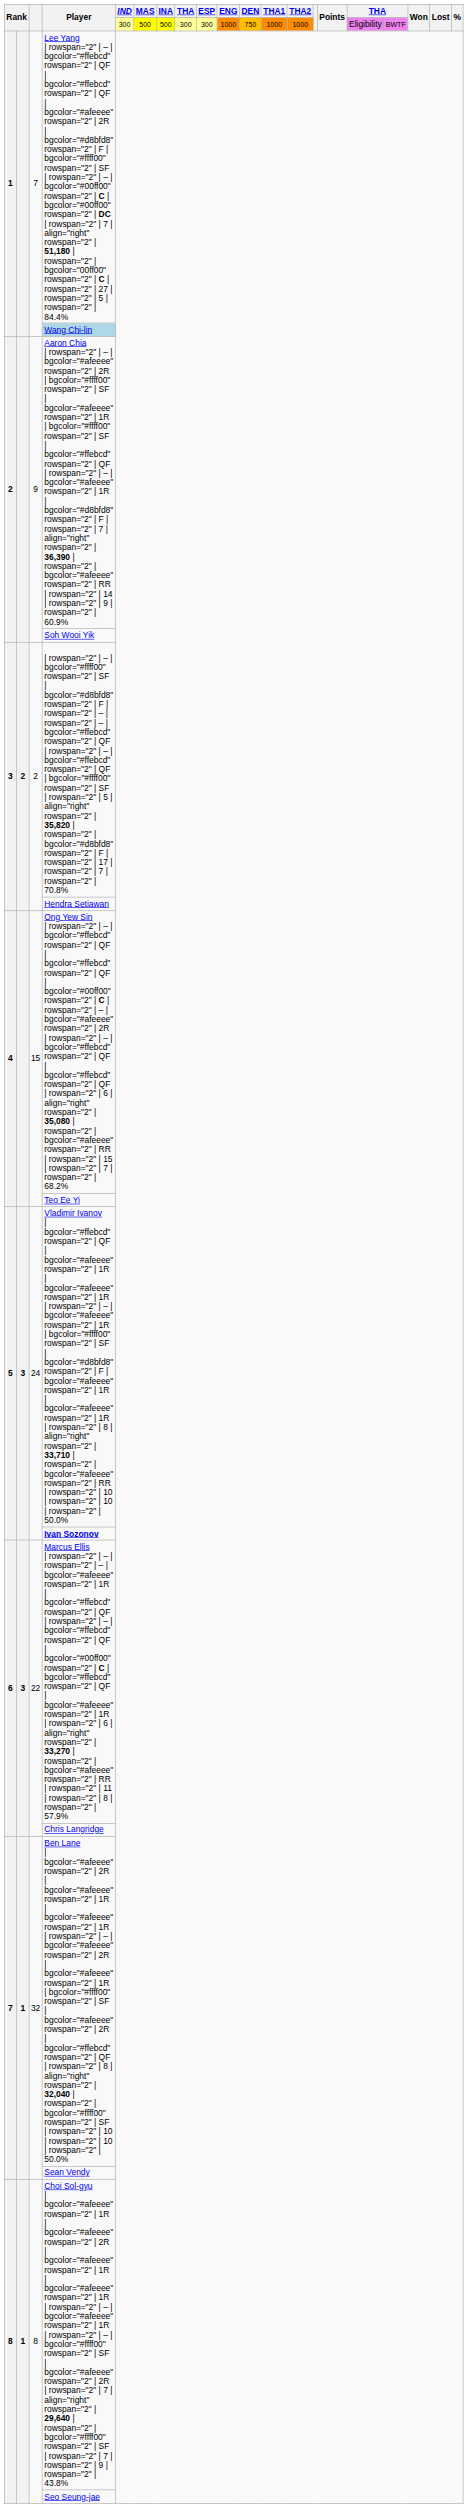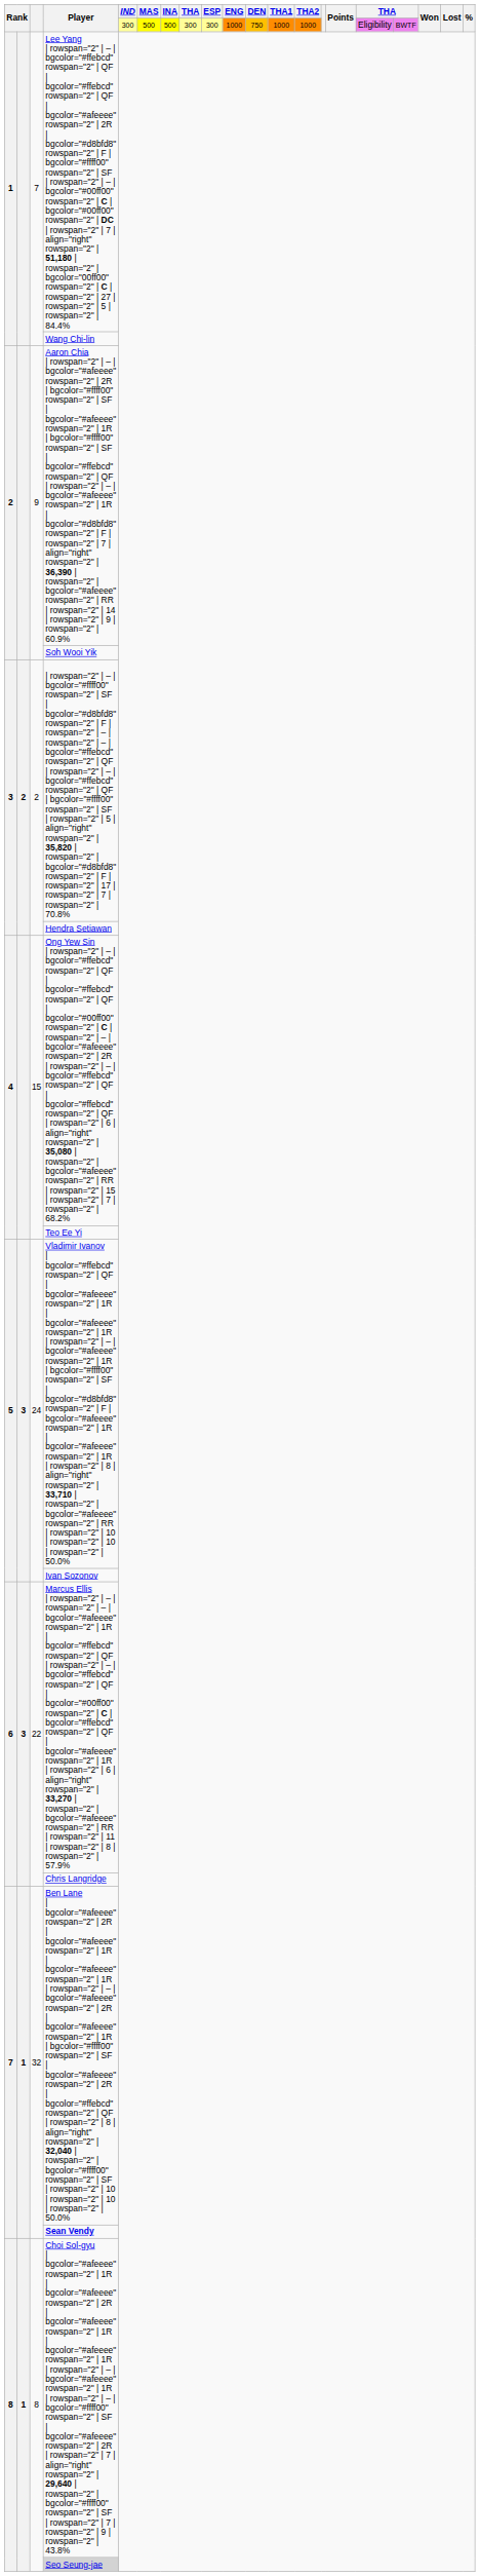 <table class="wikitable" style="font-size:85%; text-align:center">
 <tr>
 <th colspan="2" rowspan="2" width="50">Rank</th>
 <th rowspan="2" width="50"></th>
 <th rowspan="2" width="175">Player</th>
 <th><em><a href='#'>IND</a></em></th>
 <th><a href='#'>MAS</a></th>
 <th><a href='#'>INA</a></th>
 <th><a href='#'>THA</a></th>
 <th><a href='#'>ESP</a></th>
 <th><a href='#'>ENG</a></th>
 <th><a href='#'>DEN</a></th>
 <th><a href='#'>THA1</a></th>
 <th><a href='#'>THA2</a></th>
 <th rowspan="2" width="50"></th>
 <th rowspan="2" width="50">Points</th>
 <th colspan="2"><a href='#'>THA</a></th>
 <th rowspan="2" width="50">Won</th>
 <th rowspan="2" width="50">Lost</th>
 <th rowspan="2" width="50">%</th>
 </tr>
 <tr>
 <td bgcolor="#FFFF99"><small>300</small></td>
 <td bgcolor="#FFFF00"><small>500</small></td>
 <td bgcolor="#FFFF00"><small>500</small></td>
 <td bgcolor="#FFFF99"><small>300</small></td>
 <td bgcolor="#FFFF99"><small>300</small></td>
 <td bgcolor="#FF8C00"><small>1000</small></td>
 <td bgcolor="#FFBF00"><small>750</small></td>
 <td bgcolor="#FF8C00"><small>1000</small></td>
 <td bgcolor="#FF8C00"><small>1000</small></td>
 <td bgcolor="#EE82EE">Eligibility</td>
 <td bgcolor="#EE82EE"><small>BWTF</small></td>
 </tr>
 <tr>
 <th rowspan="2">1</th>
 <th rowspan="2"></th>
 <td rowspan="2">7</td>
 <td align="left"> <a href='#'>Lee Yang</a><br>| rowspan="2" | – | bgcolor="#ffebcd" rowspan="2" | QF | bgcolor="#ffebcd" rowspan="2" | QF | bgcolor="#afeeee" rowspan="2" | 2R | bgcolor="#d8bfd8" rowspan="2" | F | bgcolor="#ffff00" rowspan="2" | SF | rowspan="2" | – | bgcolor="#00ff00" rowspan="2" | <strong>C</strong> | bgcolor="#00ff00" rowspan="2" | <strong>DC</strong> | rowspan="2" | 7 | align="right" rowspan="2" | <strong>51,180</strong> | rowspan="2"  | bgcolor="00ff00" rowspan="2" | <strong>C</strong> | rowspan="2" | 27 | rowspan="2" | 5 | rowspan="2" | 84.4%</td>
 </tr>
 <tr>
-<td align="left" style="background: lightblue;"> <a href='#'>Wang Chi-lin</a></td>
+<td align="left"> <a href='#'>Wang Chi-lin</a></td>
 </tr>
 <tr>
 <th rowspan="2">2</th>
 <th rowspan="2"></th>
 <td rowspan="2">9</td>
 <td align="left"> <a href='#'>Aaron Chia</a><br>| rowspan="2" | – | bgcolor="#afeeee" rowspan="2" | 2R | bgcolor="#ffff00" rowspan="2" | SF | bgcolor="#afeeee" rowspan="2" | 1R | bgcolor="#ffff00" rowspan="2" | SF | bgcolor="#ffebcd" rowspan="2" | QF | rowspan="2" | – | bgcolor="#afeeee" rowspan="2" | 1R | bgcolor="#d8bfd8" rowspan="2" | F | rowspan="2" | 7 | align="right" rowspan="2" | <strong>36,390</strong> | rowspan="2"  | bgcolor="#afeeee" rowspan="2" | RR | rowspan="2" | 14 | rowspan="2" | 9 | rowspan="2" | 60.9%</td>
 </tr>
 <tr>
 <td align="left"> <a href='#'>Soh Wooi Yik</a></td>
 </tr>
 <tr>
 <th rowspan="2">3</th>
 <th rowspan="2"> 2</th>
 <td rowspan="2">2</td>
 <td align="left"><br>| rowspan="2" | – | bgcolor="#ffff00" rowspan="2" | SF | bgcolor="#d8bfd8" rowspan="2" | F | rowspan="2" | – | rowspan="2" | – | bgcolor="#ffebcd" rowspan="2" | QF | rowspan="2" | – | bgcolor="#ffebcd" rowspan="2" | QF | bgcolor="#ffff00" rowspan="2" | SF | rowspan="2" | 5 | align="right" rowspan="2" | <strong>35,820</strong> | rowspan="2"  | bgcolor="#d8bfd8" rowspan="2" | F | rowspan="2" | 17 | rowspan="2" | 7 | rowspan="2" | 70.8%</td>
 </tr>
 <tr>
 <td align="left"> <a href='#'>Hendra Setiawan</a></td>
 </tr>
 <tr>
 <th rowspan="2">4</th>
 <th rowspan="2"></th>
 <td rowspan="2">15</td>
 <td align="left"> <a href='#'>Ong Yew Sin</a><br>| rowspan="2" | – | bgcolor="#ffebcd" rowspan="2" | QF | bgcolor="#ffebcd" rowspan="2" | QF | bgcolor="#00ff00" rowspan="2" | <strong>C</strong> | rowspan="2" | – | bgcolor="#afeeee" rowspan="2" | 2R | rowspan="2" | – | bgcolor="#ffebcd" rowspan="2" | QF | bgcolor="#ffebcd" rowspan="2" | QF | rowspan="2" | 6 | align="right" rowspan="2" | <strong>35,080</strong> | rowspan="2"  | bgcolor="#afeeee" rowspan="2" | RR | rowspan="2" | 15 | rowspan="2" | 7 | rowspan="2" | 68.2%</td>
 </tr>
 <tr>
 <td align="left"> <a href='#'>Teo Ee Yi</a></td>
 </tr>
 <tr>
 <th rowspan="2">5</th>
 <th rowspan="2"> 3</th>
 <td rowspan="2">24</td>
 <td align="left"> <a href='#'>Vladimir Ivanov</a><br>| bgcolor="#ffebcd" rowspan="2" | QF | bgcolor="#afeeee" rowspan="2" | 1R | bgcolor="#afeeee" rowspan="2" | 1R | rowspan="2" | – | bgcolor="#afeeee" rowspan="2" | 1R | bgcolor="#ffff00" rowspan="2" | SF | bgcolor="#d8bfd8" rowspan="2" | F | bgcolor="#afeeee" rowspan="2" | 1R | bgcolor="#afeeee" rowspan="2" | 1R | rowspan="2" | 8 | align="right" rowspan="2" | <strong>33,710</strong> | rowspan="2"  | bgcolor="#afeeee" rowspan="2" | RR | rowspan="2" | 10 | rowspan="2" | 10 | rowspan="2" | 50.0%</td>
 </tr>
 <tr>
-<td align="left"><strong> <a href='#'>Ivan Sozonov</a></strong></td>
+<td align="left"> <a href='#'>Ivan Sozonov</a></td>
 </tr>
 <tr>
 <th rowspan="2">6</th>
 <th rowspan="2"> 3</th>
 <td rowspan="2">22</td>
 <td align="left"> <a href='#'>Marcus Ellis</a><br>| rowspan="2" | – | rowspan="2" | – | bgcolor="#afeeee" rowspan="2" | 1R | bgcolor="#ffebcd" rowspan="2" | QF | rowspan="2" | – | bgcolor="#ffebcd" rowspan="2" | QF | bgcolor="#00ff00" rowspan="2" | <strong>C</strong> | bgcolor="#ffebcd" rowspan="2" | QF | bgcolor="#afeeee" rowspan="2" | 1R | rowspan="2" | 6 | align="right" rowspan="2" | <strong>33,270</strong> | rowspan="2"  | bgcolor="#afeeee" rowspan="2" | RR | rowspan="2" | 11 | rowspan="2" | 8 | rowspan="2" | 57.9%</td>
 </tr>
 <tr>
 <td align="left"> <a href='#'>Chris Langridge</a></td>
 </tr>
 <tr>
 <th rowspan="2">7</th>
 <th rowspan="2"> 1</th>
 <td rowspan="2">32</td>
 <td align="left"> <a href='#'>Ben Lane</a><br>| bgcolor="#afeeee" rowspan="2" | 2R | bgcolor="#afeeee" rowspan="2" | 1R | bgcolor="#afeeee" rowspan="2" | 1R | rowspan="2" | – | bgcolor="#afeeee" rowspan="2" | 2R | bgcolor="#afeeee" rowspan="2" | 1R | bgcolor="#ffff00" rowspan="2" | SF | bgcolor="#afeeee" rowspan="2" | 2R | bgcolor="#ffebcd" rowspan="2" | QF | rowspan="2" | 8 | align="right" rowspan="2" | <strong>32,040</strong> | rowspan="2"  | bgcolor="#ffff00" rowspan="2" | SF | rowspan="2" | 10 | rowspan="2" | 10 | rowspan="2" | 50.0%</td>
 </tr>
 <tr>
-<td align="left"> <a href='#'>Sean Vendy</a></td>
+<td align="left"><strong> <a href='#'>Sean Vendy</a></strong></td>
 </tr>
 <tr>
 <th rowspan="2">8</th>
 <th rowspan="2"> 1</th>
 <td rowspan="2">8</td>
 <td align="left"> <a href='#'>Choi Sol-gyu</a><br>| bgcolor="#afeeee" rowspan="2" | 1R | bgcolor="#afeeee" rowspan="2" | 2R | bgcolor="#afeeee" rowspan="2" | 1R | bgcolor="#afeeee" rowspan="2" | 1R | rowspan="2" | – | bgcolor="#afeeee" rowspan="2" | 1R | rowspan="2" | – | bgcolor="#ffff00" rowspan="2" | SF | bgcolor="#afeeee" rowspan="2" | 2R | rowspan="2" | 7 | align="right" rowspan="2" | <strong>29,640</strong> | rowspan="2"  | bgcolor="#ffff00" rowspan="2" | SF | rowspan="2" | 7 | rowspan="2" | 9 | rowspan="2" | 43.8%</td>
 </tr>
 <tr>
-<td align="left">  <a href='#'>Seo Seung-jae</a></td>
+<td align="left" style="background: lightgrey;">  <a href='#'>Seo Seung-jae</a></td>
 </tr>
 </table>
